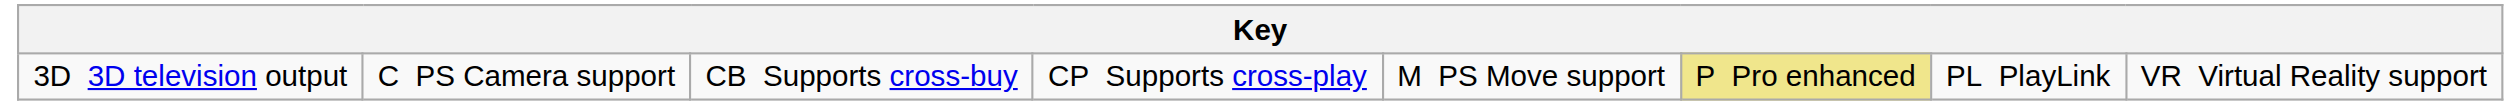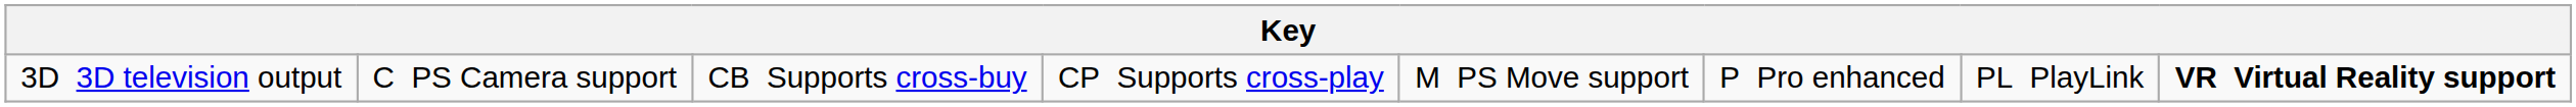 <table class="wikitable" style="margin-left: auto; margin-right: auto; border: none; font-size:88%">
 <tr>
 <th colspan="8">Key</th>
 </tr>
 <tr>
 <td><span> 3D </span> <a href='#'>3D television</a> output </td>
 <td><span> C </span> PS Camera support </td>
 <td><span> CB </span> Supports <a href='#'>cross-buy</a> </td>
 <td><span> CP </span> Supports <a href='#'>cross-play</a> </td>
 <td><span> M </span> PS Move support </td>
-<td style="background: khaki;"><span> P </span> Pro enhanced </td>
+<td><span> P </span> Pro enhanced </td>
 <td><span> PL </span> PlayLink </td>
-<td><span> VR </span> Virtual Reality support </td>
+<td><strong><span> VR </span> Virtual Reality support </strong></td>
 </tr>
 </table>
